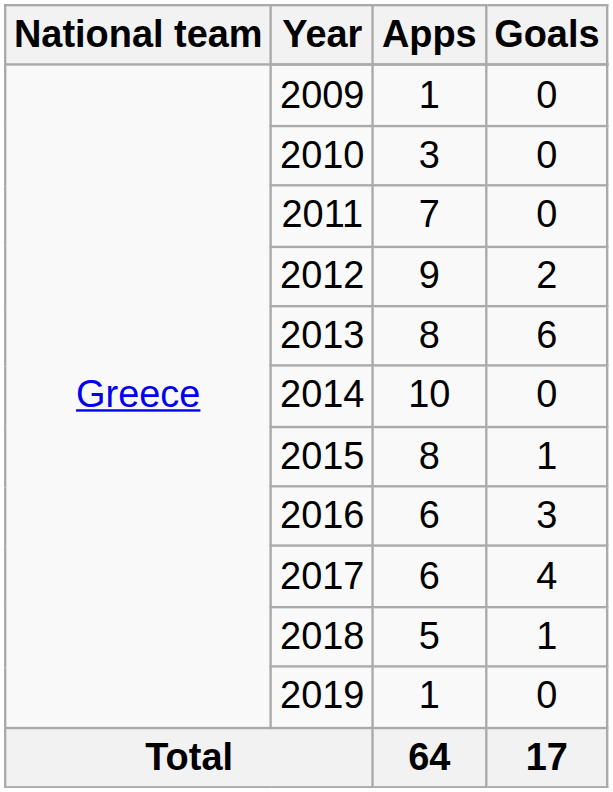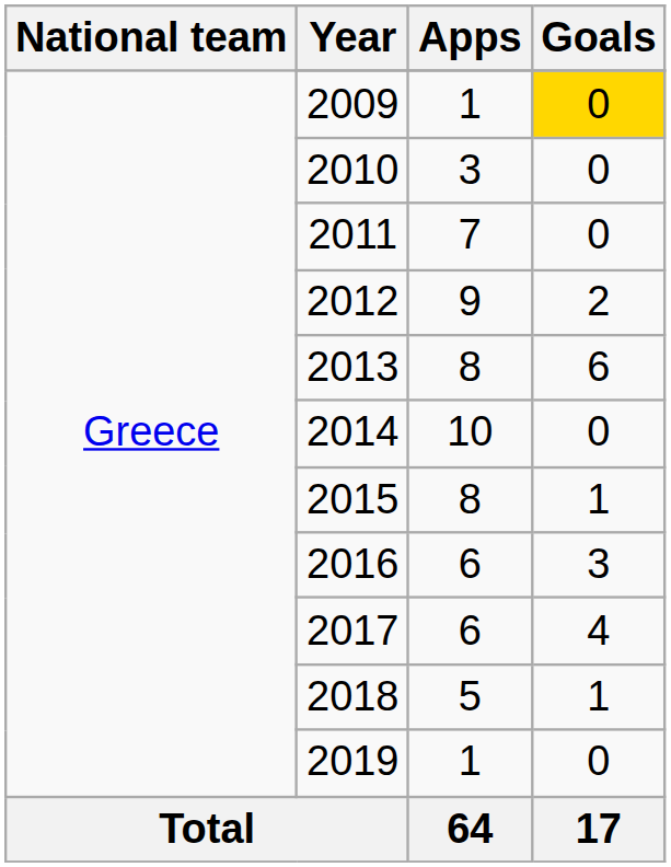 <table class="wikitable" style="text-align: center">
 <tr>
 <th>National team</th>
 <th>Year</th>
 <th>Apps</th>
 <th>Goals</th>
 </tr>
 <tr>
 <td rowspan="12"><a href='#'>Greece</a></td>
 </tr>
 <tr>
 <td>2009</td>
 <td>1</td>
-<td>0</td>
+<td style="background: gold;">0</td>
 </tr>
 <tr>
 <td>2010</td>
 <td>3</td>
 <td>0</td>
 </tr>
 <tr>
 <td>2011</td>
 <td>7</td>
 <td>0</td>
 </tr>
 <tr>
 <td>2012</td>
 <td>9</td>
 <td>2</td>
 </tr>
 <tr>
 <td>2013</td>
 <td>8</td>
 <td>6</td>
 </tr>
 <tr>
 <td>2014</td>
 <td>10</td>
 <td>0</td>
 </tr>
 <tr>
 <td>2015</td>
 <td>8</td>
 <td>1</td>
 </tr>
 <tr>
 <td>2016</td>
 <td>6</td>
 <td>3</td>
 </tr>
 <tr>
 <td>2017</td>
 <td>6</td>
 <td>4</td>
 </tr>
 <tr>
 <td>2018</td>
 <td>5</td>
 <td>1</td>
 </tr>
 <tr>
 <td>2019</td>
 <td>1</td>
 <td>0</td>
 </tr>
 <tr>
 <th colspan="2">Total</th>
 <th>64</th>
 <th>17</th>
 </tr>
 </table>
